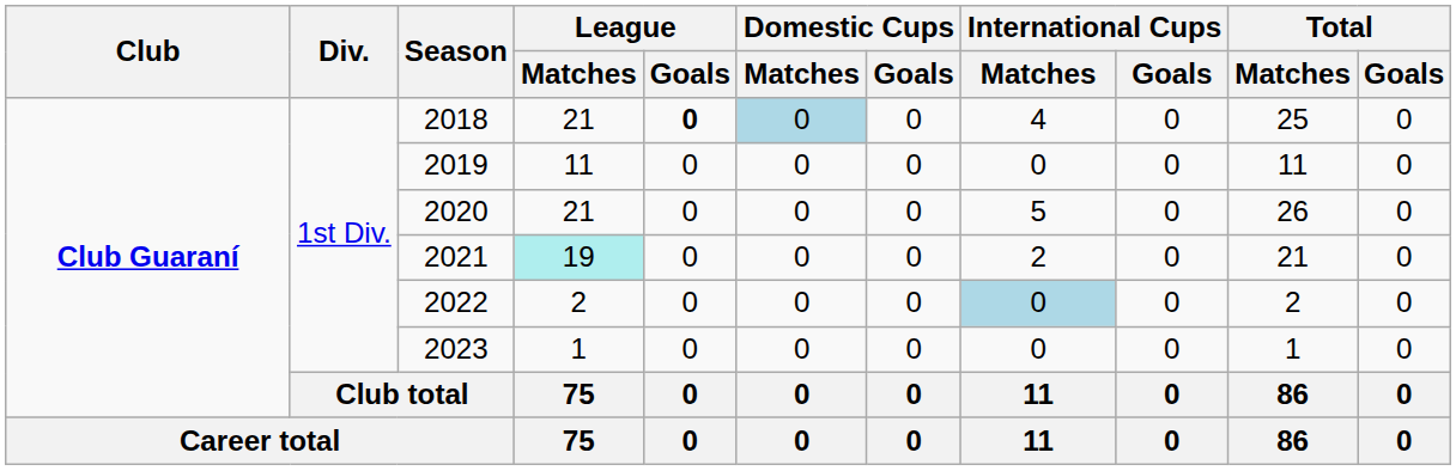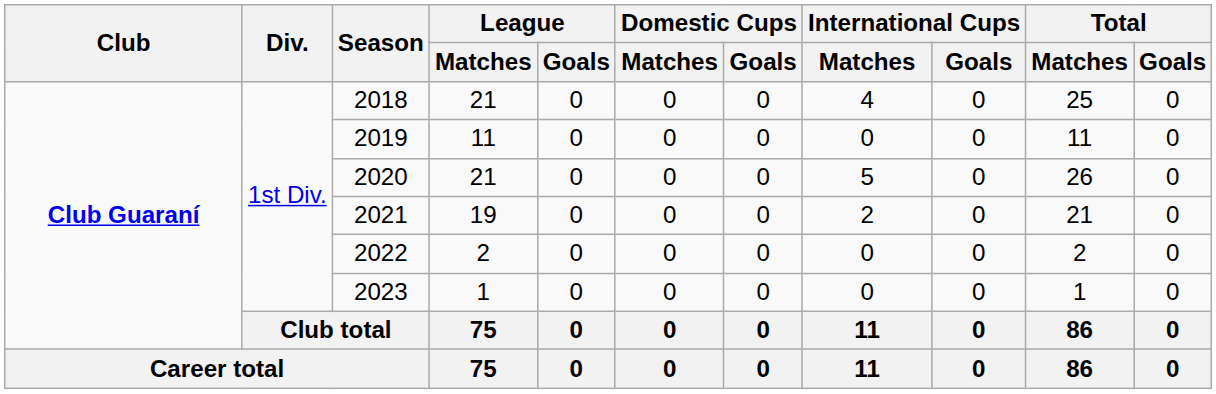 <table class="wikitable center" style="text-align:center">
 <tr>
 <th rowspan="2" width="150px">Club</th>
 <th rowspan="2">Div.</th>
 <th rowspan="2">Season</th>
 <th colspan="2">League</th>
 <th colspan="2">Domestic Cups</th>
 <th colspan="2">International Cups</th>
 <th colspan="2">Total</th>
 </tr>
 <tr>
 <th>Matches</th>
 <th>Goals</th>
 <th>Matches</th>
 <th>Goals</th>
 <th>Matches</th>
 <th>Goals</th>
 <th>Matches</th>
 <th>Goals</th>
 </tr>
 <tr>
 <td rowspan="7"><strong><a href='#'>Club Guaraní</a></strong><br><small></small></td>
 <td rowspan="6"><a href='#'>1st Div.</a></td>
 <td>2018</td>
 <td>21</td>
-<td><strong>0</strong></td>
-<td style="background: lightblue;">0</td>
+<td>0</td>
+<td>0</td>
 <td>0</td>
 <td>4</td>
 <td>0</td>
 <td>25</td>
 <td>0</td>
 </tr>
 <tr>
 <td>2019</td>
 <td>11</td>
 <td>0</td>
 <td>0</td>
 <td>0</td>
 <td>0</td>
 <td>0</td>
 <td>11</td>
 <td>0</td>
 </tr>
 <tr>
 <td>2020</td>
 <td>21</td>
 <td>0</td>
 <td>0</td>
 <td>0</td>
 <td>5</td>
 <td>0</td>
 <td>26</td>
 <td>0</td>
 </tr>
 <tr>
 <td>2021</td>
-<td style="background: paleturquoise;">19</td>
+<td>19</td>
 <td>0</td>
 <td>0</td>
 <td>0</td>
 <td>2</td>
 <td>0</td>
 <td>21</td>
 <td>0</td>
 </tr>
 <tr>
 <td>2022</td>
 <td>2</td>
 <td>0</td>
 <td>0</td>
 <td>0</td>
-<td style="background: lightblue;">0</td>
+<td>0</td>
 <td>0</td>
 <td>2</td>
 <td>0</td>
 </tr>
 <tr>
 <td>2023</td>
 <td>1</td>
 <td>0</td>
 <td>0</td>
 <td>0</td>
 <td>0</td>
 <td>0</td>
 <td>1</td>
 <td>0</td>
 </tr>
 <tr>
 <th colspan="2">Club total</th>
 <th>75</th>
 <th>0</th>
 <th>0</th>
 <th>0</th>
 <th>11</th>
 <th>0</th>
 <th>86</th>
 <th>0</th>
 </tr>
 <tr>
 <th colspan="3">Career total</th>
 <th>75</th>
 <th>0</th>
 <th>0</th>
 <th>0</th>
 <th>11</th>
 <th>0</th>
 <th>86</th>
 <th>0</th>
 </tr>
 </table>
